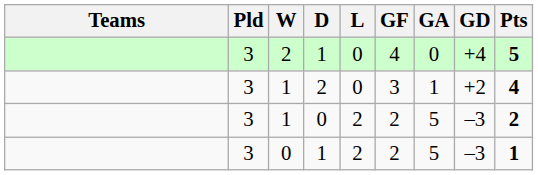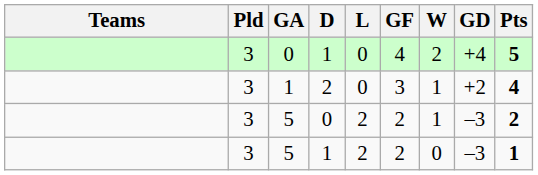 <table class="wikitable" style="text-align: center;">
 <tr>
 <th width=165>Teams</th>
 <th width=20>Pld</th>
-<th width=20>W</th>
+<th width=20>GA</th>
 <th width=20>D</th>
 <th width=20>L</th>
 <th width=20>GF</th>
-<th width=20>GA</th>
+<th width=20>W</th>
 <th width=20>GD</th>
 <th width=20>Pts</th>
 </tr>
 <tr align=center style="background:#ccffcc;">
 <td style="text-align:left;"></td>
 <td>3</td>
-<td>2</td>
+<td>0</td>
 <td>1</td>
 <td>0</td>
 <td>4</td>
-<td>0</td>
+<td>2</td>
 <td>+4</td>
 <td><strong>5</strong></td>
 </tr>
 <tr align=center>
 <td style="text-align:left;"></td>
 <td>3</td>
 <td>1</td>
 <td>2</td>
 <td>0</td>
 <td>3</td>
 <td>1</td>
 <td>+2</td>
 <td><strong>4</strong></td>
 </tr>
 <tr align=center>
 <td style="text-align:left;"></td>
 <td>3</td>
-<td>1</td>
+<td>5</td>
 <td>0</td>
 <td>2</td>
 <td>2</td>
-<td>5</td>
+<td>1</td>
 <td>–3</td>
 <td><strong>2</strong></td>
 </tr>
 <tr align=center>
 <td style="text-align:left;"></td>
 <td>3</td>
-<td>0</td>
+<td>5</td>
 <td>1</td>
 <td>2</td>
 <td>2</td>
-<td>5</td>
+<td>0</td>
 <td>–3</td>
 <td><strong>1</strong></td>
 </tr>
 </table>
